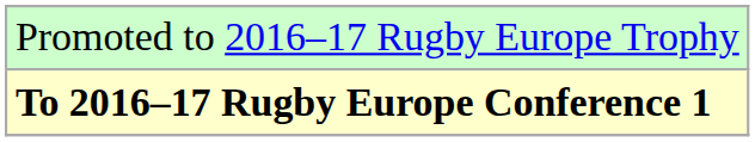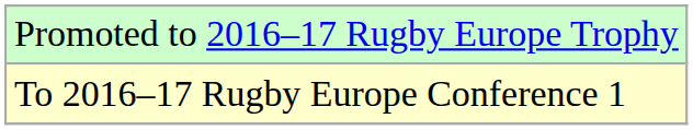 <table class="wikitable">
 <tr>
 </tr>
 <tr width=10px bgcolor="#ccffcc">
 <td>Promoted to <a href='#'>2016–17 Rugby Europe Trophy</a></td>
 </tr>
 <tr width=10px bgcolor="#ffffcc">
-<td><strong>To 2016–17 Rugby Europe Conference 1</strong></td>
+<td>To 2016–17 Rugby Europe Conference 1</td>
 </tr>
 <tr>
 </tr>
 </table>
